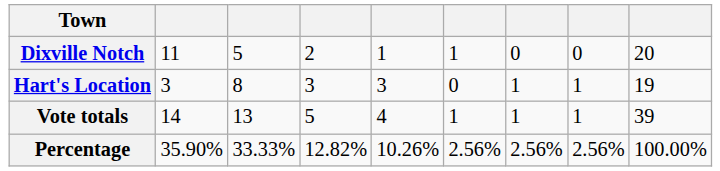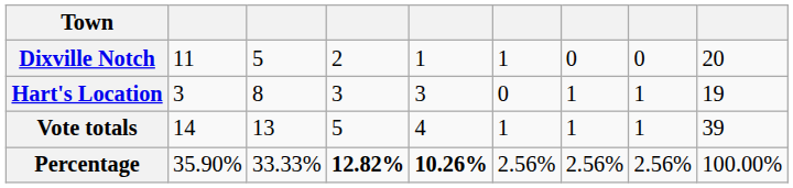 <table class="wikitable sortable" style=margin:auto;margin:auto>
 <tr valign=bottom>
 <th>Town</th>
 <th></th>
 <th></th>
 <th></th>
 <th></th>
 <th></th>
 <th></th>
 <th></th>
 <th></th>
 </tr>
 <tr>
 <th><a href='#'>Dixville Notch</a></th>
 <td>11</td>
 <td>5</td>
 <td>2</td>
 <td>1</td>
 <td>1</td>
 <td>0</td>
 <td>0</td>
 <td>20</td>
 </tr>
 <tr>
 <th><a href='#'>Hart's Location</a></th>
 <td>3</td>
 <td>8</td>
 <td>3</td>
 <td>3</td>
 <td>0</td>
 <td>1</td>
 <td>1</td>
 <td>19</td>
 </tr>
 <tr>
 <th>Vote totals</th>
 <td>14</td>
 <td>13</td>
 <td>5</td>
 <td>4</td>
 <td>1</td>
 <td>1</td>
 <td>1</td>
 <td>39</td>
 </tr>
 <tr>
 <th>Percentage</th>
 <td>35.90%</td>
 <td>33.33%</td>
-<td>12.82%</td>
-<td>10.26%</td>
+<td><strong>12.82%</strong></td>
+<td><strong>10.26%</strong></td>
 <td>2.56%</td>
 <td>2.56%</td>
 <td>2.56%</td>
 <td>100.00%</td>
 </tr>
 </table>
